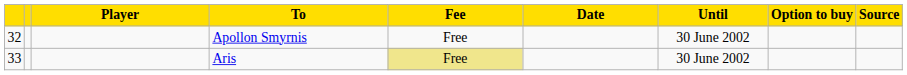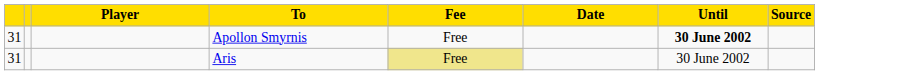 <table class="wikitable sortable">
 <tr>
 <th style="background:#FFDE00"></th>
 <th style="background:#FFDE00"></th>
 <th width=200 style="background:#FFDE00">Player</th>
 <th width=200 style="background:#FFDE00">To</th>
 <th width=150 style="background:#FFDE00">Fee</th>
 <th width=150 style="background:#FFDE00">Date</th>
 <th width=120 style="background:#FFDE00">Until</th>
-<th style="background:#FFDE00">Option to buy</th>
 <th style="background:#FFDE00">Source</th>
 </tr>
 <tr>
-<td align=center>32</td>
+<td align=center>31</td>
 <td align=center></td>
 <td></td>
 <td> <a href='#'>Apollon Smyrnis</a></td>
 <td align=center>Free</td>
 <td align=center></td>
-<td align=center>30 June 2002</td>
-<td align=center></td>
+<td align=center><strong>30 June 2002</strong></td>
 <td align=center></td>
 </tr>
 <tr>
-<td align=center>33</td>
+<td align=center>31</td>
 <td align=center></td>
 <td></td>
 <td> <a href='#'>Aris</a></td>
 <td align=center style="background: khaki;">Free</td>
 <td align=center></td>
 <td align=center>30 June 2002</td>
 <td align=center></td>
-<td align=center></td>
 </tr>
 </table>
